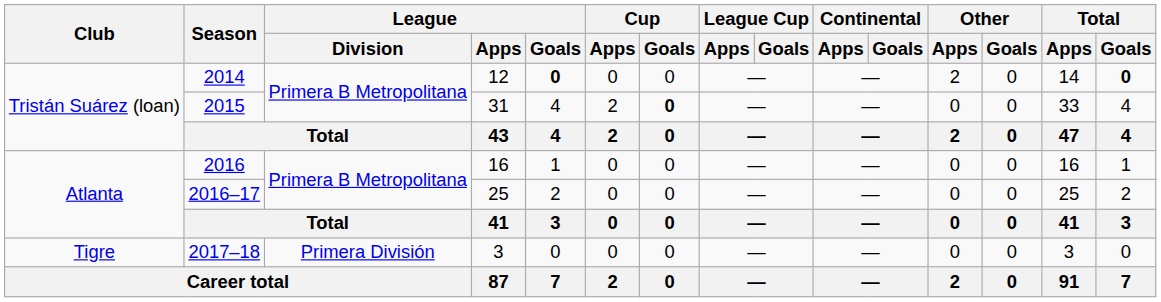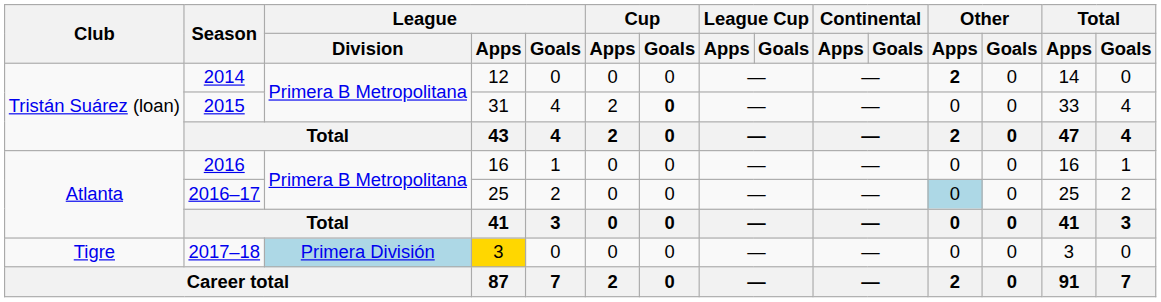 <table class="wikitable" style="text-align:center">
 <tr>
 <th rowspan="2">Club</th>
 <th rowspan="2">Season</th>
 <th colspan="3">League</th>
 <th colspan="2">Cup</th>
 <th colspan="2">League Cup</th>
 <th colspan="2">Continental</th>
 <th colspan="2">Other</th>
 <th colspan="2">Total</th>
 </tr>
 <tr>
 <th>Division</th>
 <th>Apps</th>
 <th>Goals</th>
 <th>Apps</th>
 <th>Goals</th>
 <th>Apps</th>
 <th>Goals</th>
 <th>Apps</th>
 <th>Goals</th>
 <th>Apps</th>
 <th>Goals</th>
 <th>Apps</th>
 <th>Goals</th>
 </tr>
 <tr>
 <td rowspan="3"><a href='#'>Tristán Suárez</a> (loan)</td>
 <td><a href='#'>2014</a></td>
 <td rowspan="2"><a href='#'>Primera B Metropolitana</a></td>
 <td>12</td>
-<td><strong>0</strong></td>
+<td>0</td>
 <td>0</td>
 <td>0</td>
 <td colspan="2">—</td>
 <td colspan="2">—</td>
-<td>2</td>
+<td><strong>2</strong></td>
 <td>0</td>
 <td>14</td>
-<td><strong>0</strong></td>
+<td>0</td>
 </tr>
 <tr>
 <td><a href='#'>2015</a></td>
 <td>31</td>
 <td>4</td>
 <td>2</td>
 <td><strong>0</strong></td>
 <td colspan="2">—</td>
 <td colspan="2">—</td>
 <td>0</td>
 <td>0</td>
 <td>33</td>
 <td>4</td>
 </tr>
 <tr>
 <th colspan="2">Total</th>
 <th>43</th>
 <th>4</th>
 <th>2</th>
 <th>0</th>
 <th colspan="2">—</th>
 <th colspan="2">—</th>
 <th>2</th>
 <th>0</th>
 <th>47</th>
 <th>4</th>
 </tr>
 <tr>
 <td rowspan="3"><a href='#'>Atlanta</a></td>
 <td><a href='#'>2016</a></td>
 <td rowspan="2"><a href='#'>Primera B Metropolitana</a></td>
 <td>16</td>
 <td>1</td>
 <td>0</td>
 <td>0</td>
 <td colspan="2">—</td>
 <td colspan="2">—</td>
 <td>0</td>
 <td>0</td>
 <td>16</td>
 <td>1</td>
 </tr>
 <tr>
 <td><a href='#'>2016–17</a></td>
 <td>25</td>
 <td>2</td>
 <td>0</td>
 <td>0</td>
 <td colspan="2">—</td>
 <td colspan="2">—</td>
-<td>0</td>
+<td style="background: lightblue;">0</td>
 <td>0</td>
 <td>25</td>
 <td>2</td>
 </tr>
 <tr>
 <th colspan="2">Total</th>
 <th>41</th>
 <th>3</th>
 <th>0</th>
 <th>0</th>
 <th colspan="2">—</th>
 <th colspan="2">—</th>
 <th>0</th>
 <th>0</th>
 <th>41</th>
 <th>3</th>
 </tr>
 <tr>
 <td rowspan="1"><a href='#'>Tigre</a></td>
 <td><a href='#'>2017–18</a></td>
-<td rowspan="1"><a href='#'>Primera División</a></td>
-<td>3</td>
+<td rowspan="1" style="background: lightblue;"><a href='#'>Primera División</a></td>
+<td style="background: gold;">3</td>
 <td>0</td>
 <td>0</td>
 <td>0</td>
 <td colspan="2">—</td>
 <td colspan="2">—</td>
 <td>0</td>
 <td>0</td>
 <td>3</td>
 <td>0</td>
 </tr>
 <tr>
 <th colspan="3">Career total</th>
 <th>87</th>
 <th>7</th>
 <th>2</th>
 <th>0</th>
 <th colspan="2">—</th>
 <th colspan="2">—</th>
 <th>2</th>
 <th>0</th>
 <th>91</th>
 <th>7</th>
 </tr>
 </table>
